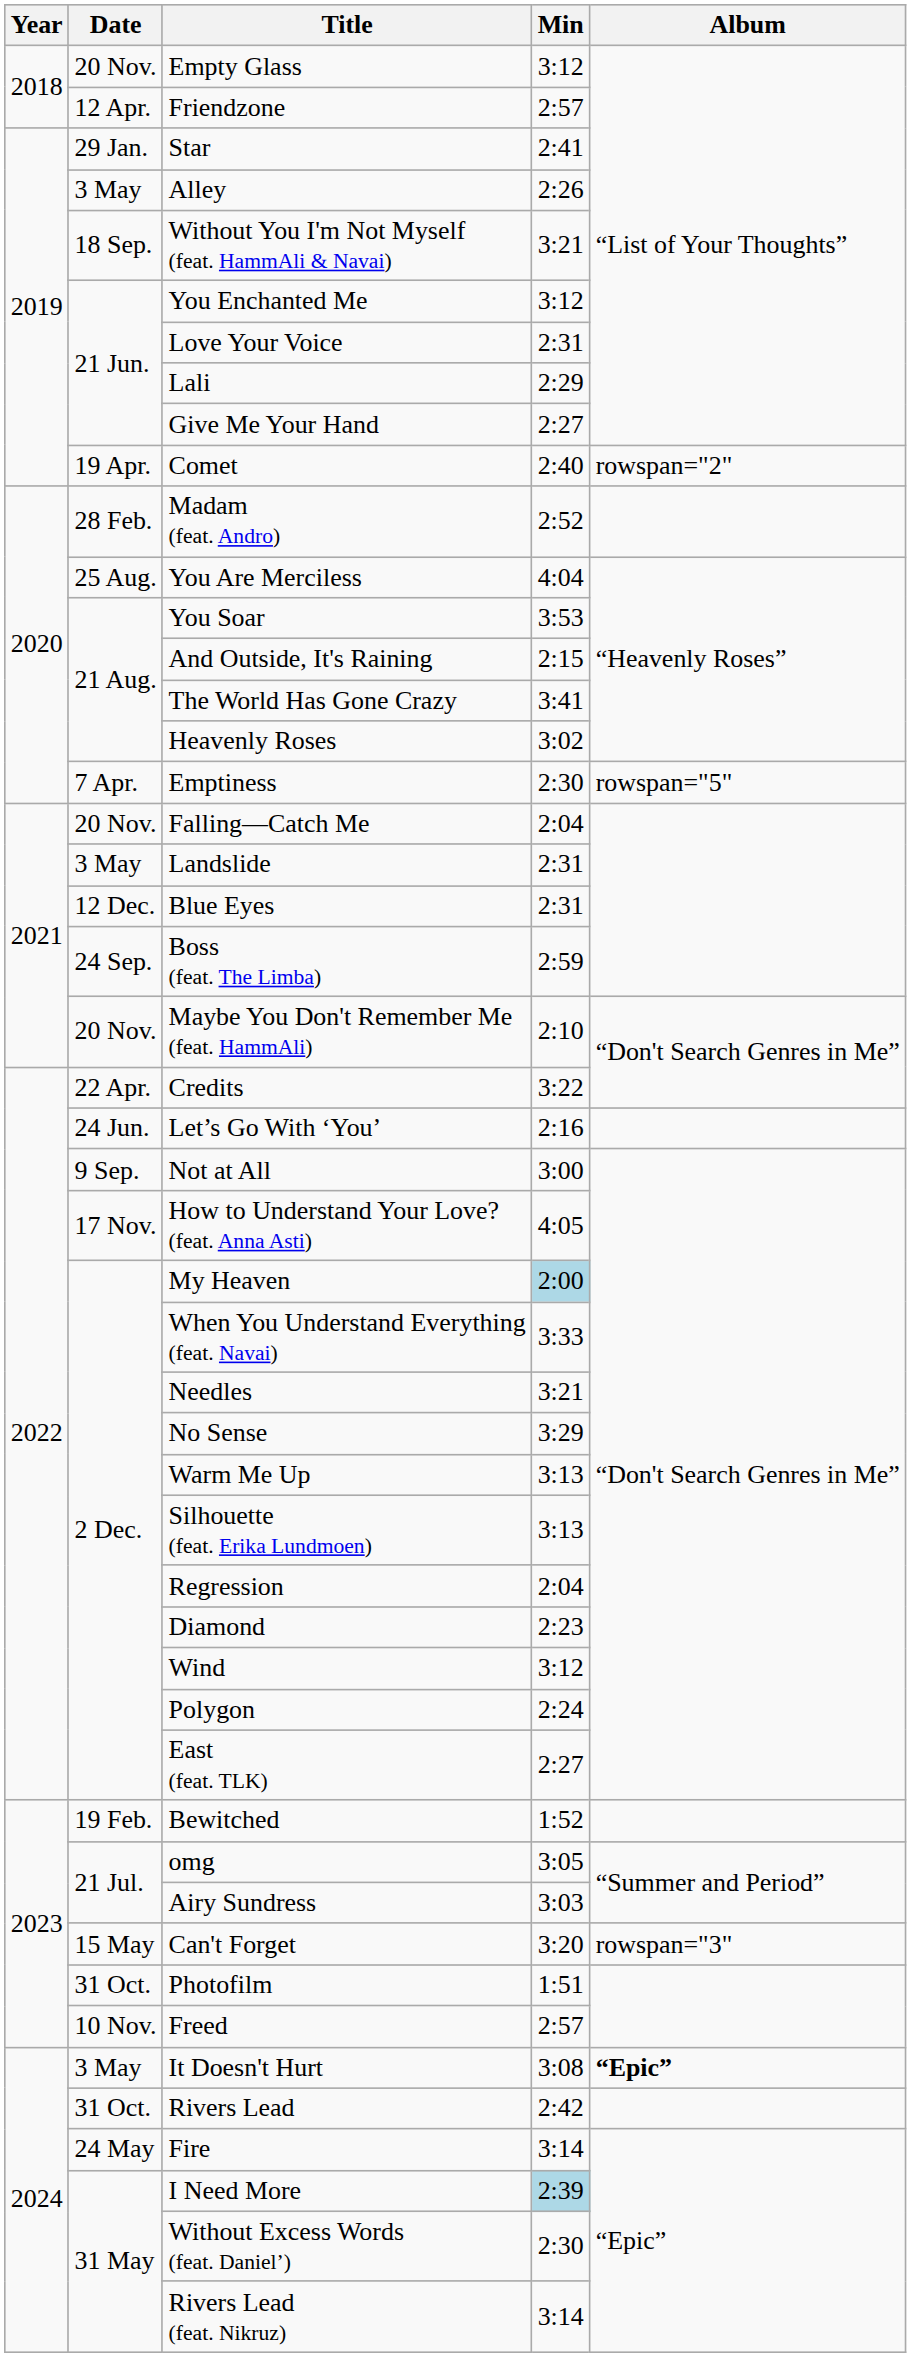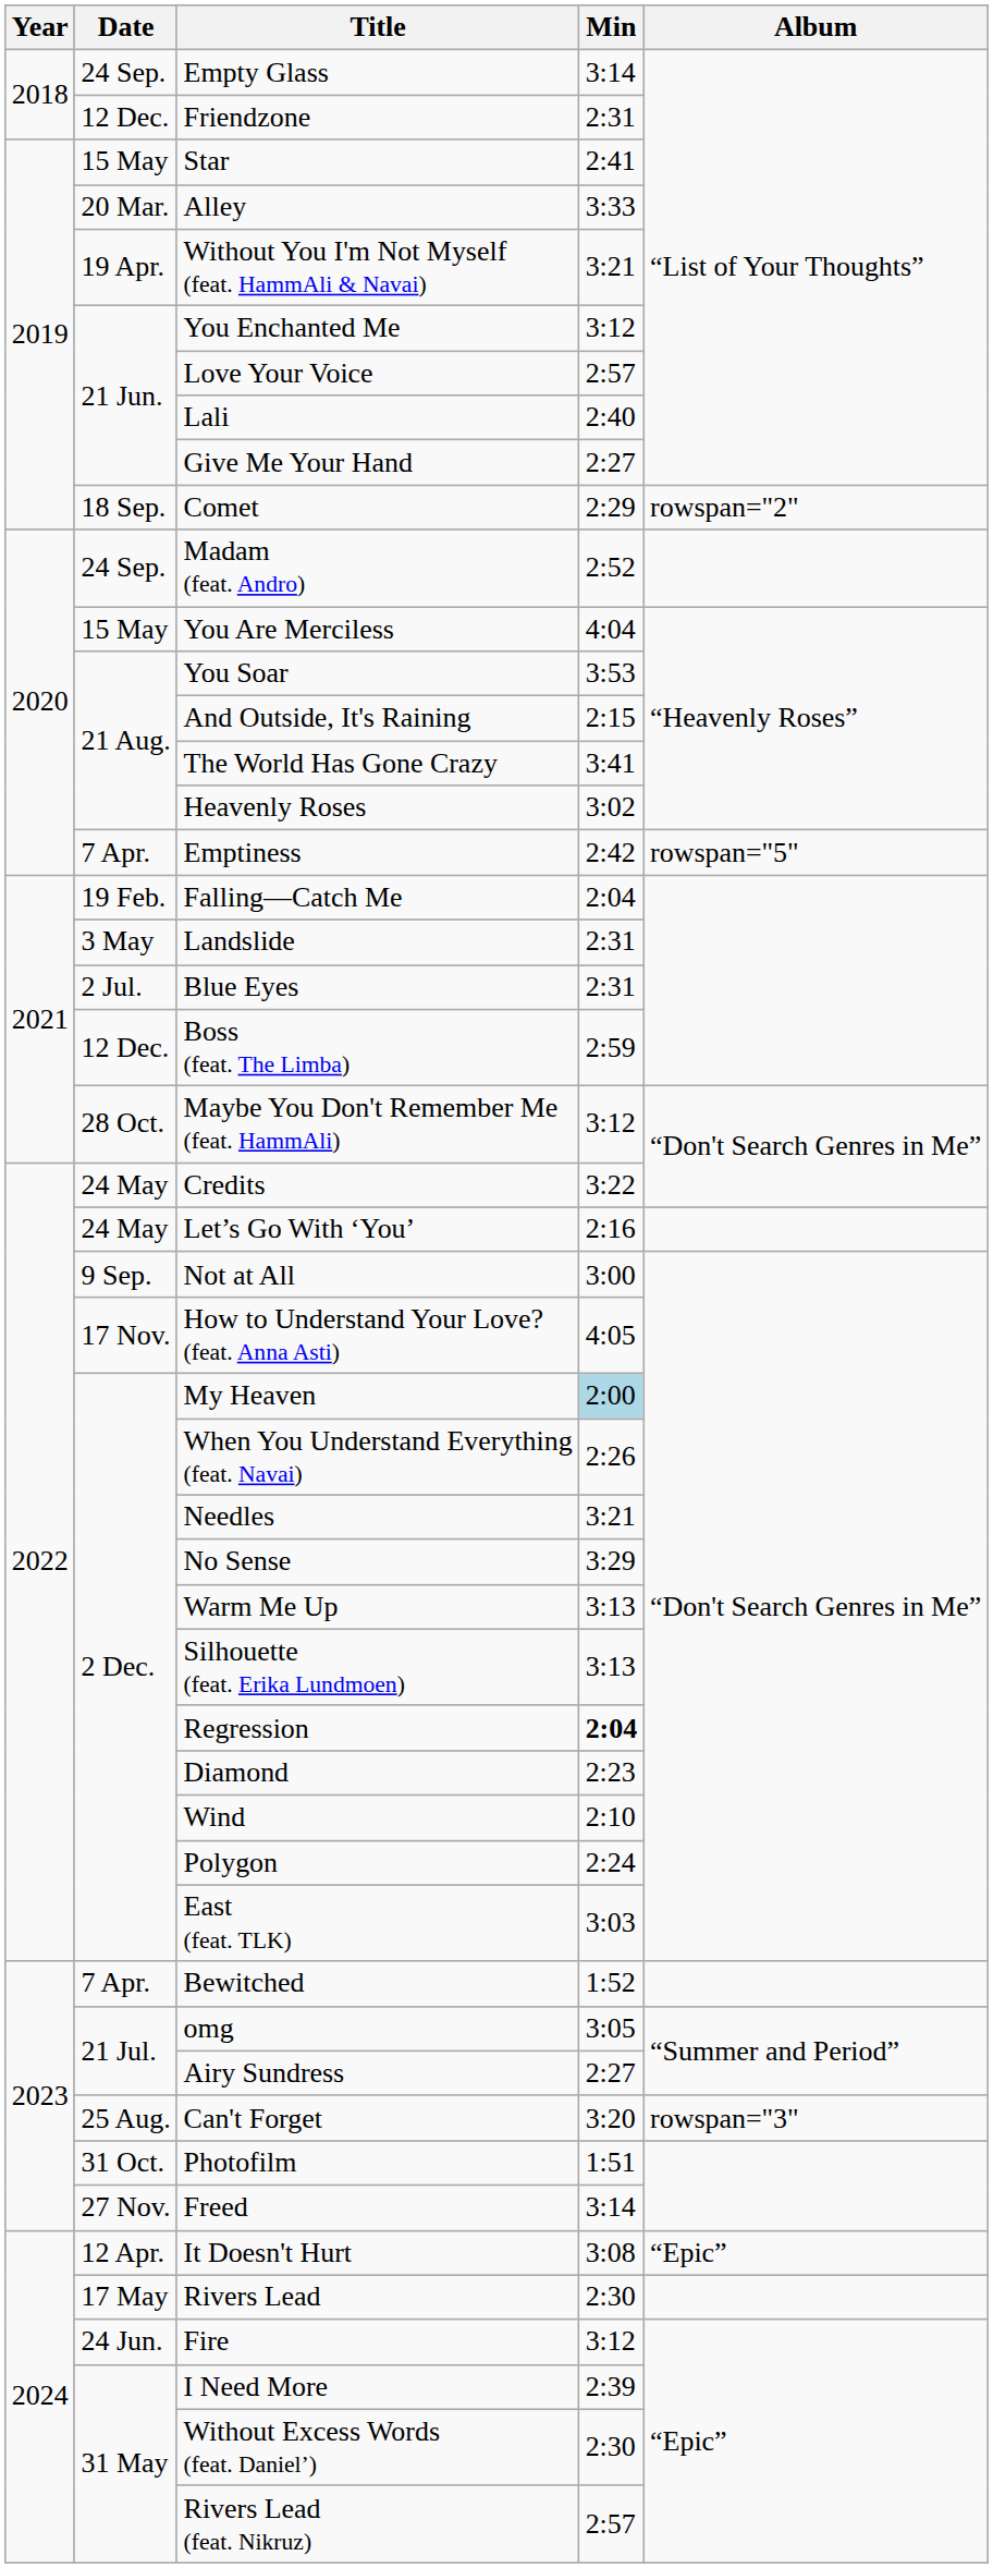 <table class="wikitable tiles">
 <tr>
 <th>Year</th>
 <th>Date</th>
 <th>Title</th>
 <th>Min</th>
 <th>Album</th>
 </tr>
 <tr>
 <td rowspan="2">2018</td>
-<td>20 Nov.</td>
+<td>24 Sep.</td>
 <td>Empty Glass</td>
-<td>3:12</td>
+<td>3:14</td>
 <td rowspan="9">“List of Your Thoughts”</td>
 </tr>
 <tr>
-<td>12 Apr.</td>
+<td>12 Dec.</td>
 <td>Friendzone</td>
-<td>2:57</td>
+<td>2:31</td>
 </tr>
 <tr>
 <td rowspan="8">2019</td>
-<td>29 Jan.</td>
+<td>15 May</td>
 <td>Star</td>
 <td>2:41</td>
 </tr>
 <tr>
-<td>3 May</td>
+<td>20 Mar.</td>
 <td>Alley</td>
-<td>2:26</td>
+<td>3:33</td>
 </tr>
 <tr>
-<td>18 Sep.</td>
+<td>19 Apr.</td>
 <td>Without You I'm Not Myself <br><small>(feat. <a href='#'>HammAli & Navai</a>)</small></td>
 <td>3:21</td>
 </tr>
 <tr>
 <td rowspan="4">21 Jun.</td>
 <td>You Enchanted Me</td>
 <td>3:12</td>
 </tr>
 <tr>
 <td>Love Your Voice</td>
-<td>2:31</td>
+<td>2:57</td>
 </tr>
 <tr>
 <td>Lali</td>
-<td>2:29</td>
+<td>2:40</td>
 </tr>
 <tr>
 <td>Give Me Your Hand</td>
 <td>2:27</td>
 </tr>
 <tr>
-<td>19 Apr.</td>
+<td>18 Sep.</td>
 <td>Comet</td>
-<td>2:40</td>
+<td>2:29</td>
 <td>rowspan="2" </td>
 </tr>
 <tr>
 <td rowspan="7">2020</td>
-<td>28 Feb.</td>
+<td>24 Sep.</td>
 <td>Madam <br><small>(feat. <a href='#'>Andro</a>)</small></td>
 <td>2:52</td>
 </tr>
 <tr>
-<td>25 Aug.</td>
+<td>15 May</td>
 <td>You Are Merciless</td>
 <td>4:04</td>
 <td rowspan="5">“Heavenly Roses”</td>
 </tr>
 <tr>
 <td rowspan="4">21 Aug.</td>
 <td>You Soar</td>
 <td>3:53</td>
 </tr>
 <tr>
 <td>And Outside, It's Raining</td>
 <td>2:15</td>
 </tr>
 <tr>
 <td>The World Has Gone Crazy</td>
 <td>3:41</td>
 </tr>
 <tr>
 <td>Heavenly Roses</td>
 <td>3:02</td>
 </tr>
 <tr>
 <td>7 Apr.</td>
 <td>Emptiness</td>
-<td>2:30</td>
+<td>2:42</td>
 <td>rowspan="5" </td>
 </tr>
 <tr>
 <td rowspan="5">2021</td>
-<td>20 Nov.</td>
+<td>19 Feb.</td>
 <td>Falling—Catch Me</td>
 <td>2:04</td>
 </tr>
 <tr>
 <td>3 May</td>
 <td>Landslide</td>
 <td>2:31</td>
 </tr>
 <tr>
-<td>12 Dec.</td>
+<td>2 Jul.</td>
 <td>Blue Eyes</td>
 <td>2:31</td>
 </tr>
 <tr>
-<td>24 Sep.</td>
+<td>12 Dec.</td>
 <td>Boss <br><small>(feat. <a href='#'>The Limba</a>)</small></td>
 <td>2:59</td>
 </tr>
 <tr>
-<td>20 Nov.</td>
+<td>28 Oct.</td>
 <td>Maybe You Don't Remember Me <br><small>(feat. <a href='#'>HammAli</a>)</small></td>
-<td>2:10</td>
+<td>3:12</td>
 <td rowspan="2">“Don't Search Genres in Me”</td>
 </tr>
 <tr>
 <td rowspan="15">2022</td>
-<td>22 Apr.</td>
+<td>24 May</td>
 <td>Credits</td>
 <td>3:22</td>
 </tr>
 <tr>
-<td>24 Jun.</td>
+<td>24 May</td>
 <td>Let’s Go With ‘You’</td>
 <td>2:16</td>
 <td></td>
 </tr>
 <tr>
 <td>9 Sep.</td>
 <td>Not at All</td>
 <td>3:00</td>
 <td rowspan="13">“Don't Search Genres in Me”</td>
 </tr>
 <tr>
 <td>17 Nov.</td>
 <td>How to Understand Your Love? <br><small>(feat. <a href='#'>Anna Asti</a>)</small></td>
 <td>4:05</td>
 </tr>
 <tr>
 <td rowspan="11">2 Dec.</td>
 <td>My Heaven</td>
 <td style="background: lightblue;">2:00</td>
 </tr>
 <tr>
 <td>When You Understand Everything <br><small>(feat. <a href='#'>Navai</a>)</small></td>
-<td>3:33</td>
+<td>2:26</td>
 </tr>
 <tr>
 <td>Needles</td>
 <td>3:21</td>
 </tr>
 <tr>
 <td>No Sense</td>
 <td>3:29</td>
 </tr>
 <tr>
 <td>Warm Me Up</td>
 <td>3:13</td>
 </tr>
 <tr>
 <td>Silhouette <br><small>(feat. <a href='#'>Erika Lundmoen</a>)</small></td>
 <td>3:13</td>
 </tr>
 <tr>
 <td>Regression</td>
-<td>2:04</td>
+<td><strong>2:04</strong></td>
 </tr>
 <tr>
 <td>Diamond</td>
 <td>2:23</td>
 </tr>
 <tr>
 <td>Wind</td>
-<td>3:12</td>
+<td>2:10</td>
 </tr>
 <tr>
 <td>Polygon</td>
 <td>2:24</td>
 </tr>
 <tr>
 <td>East <br><small>(feat. TLK)</small></td>
-<td>2:27</td>
+<td>3:03</td>
 </tr>
 <tr>
 <td rowspan="6">2023</td>
-<td>19 Feb.</td>
+<td>7 Apr.</td>
 <td>Bewitched</td>
 <td>1:52</td>
 <td></td>
 </tr>
 <tr>
 <td rowspan="2">21 Jul.</td>
 <td>omg</td>
 <td>3:05</td>
 <td rowspan="2">“Summer and Period”</td>
 </tr>
 <tr>
 <td>Airy Sundress</td>
-<td>3:03</td>
+<td>2:27</td>
 </tr>
 <tr>
-<td>15 May</td>
+<td>25 Aug.</td>
 <td>Can't Forget</td>
 <td>3:20</td>
 <td>rowspan="3" </td>
 </tr>
 <tr>
 <td>31 Oct.</td>
 <td>Photofilm</td>
 <td>1:51</td>
 </tr>
 <tr>
-<td>10 Nov.</td>
+<td>27 Nov.</td>
 <td>Freed</td>
-<td>2:57</td>
+<td>3:14</td>
 </tr>
 <tr>
 <td rowspan="6">2024</td>
-<td>3 May</td>
+<td>12 Apr.</td>
 <td>It Doesn't Hurt</td>
 <td>3:08</td>
-<td><strong>“Epic”</strong></td>
+<td>“Epic”</td>
 </tr>
 <tr>
-<td>31 Oct.</td>
+<td>17 May</td>
 <td>Rivers Lead</td>
-<td>2:42</td>
+<td>2:30</td>
 <td></td>
 </tr>
 <tr>
-<td>24 May</td>
+<td>24 Jun.</td>
 <td>Fire</td>
-<td>3:14</td>
+<td>3:12</td>
 <td rowspan="4">“Epic”</td>
 </tr>
 <tr>
 <td rowspan="3">31 May</td>
 <td>I Need More</td>
-<td style="background: lightblue;">2:39</td>
+<td>2:39</td>
 </tr>
 <tr>
 <td>Without Excess Words <br><small>(feat. Daniel’)</small></td>
 <td>2:30</td>
 </tr>
 <tr>
 <td>Rivers Lead <br><small>(feat. Nikruz)</small></td>
-<td>3:14</td>
+<td>2:57</td>
 </tr>
 </table>
